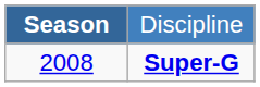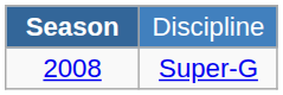 <table class="wikitable" style="font-size:95%; text-align:center; border:grey solid 1px; border-collapse:collapse;" width="10%">
 <tr style="background-color:#369; color:white;">
 <td rowspan="2" colspan="1" width="10%"><strong>Season</strong></td>
 </tr>
 <tr style="background-color:#4180be; color:white;">
 <td width="5%">Discipline</td>
 </tr>
 <tr>
 <td><a href='#'>2008</a></td>
-<td><strong><a href='#'>Super-G</a></strong></td>
+<td><a href='#'>Super-G</a></td>
 </tr>
 </table>
